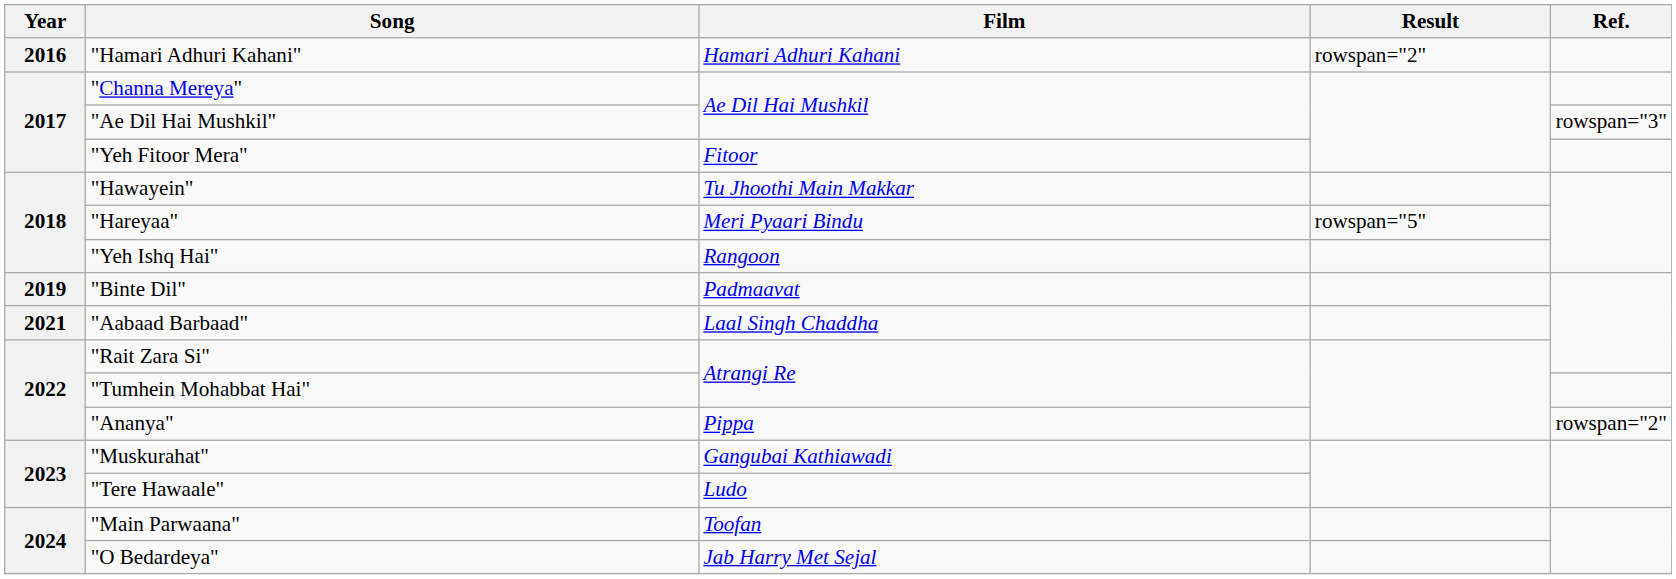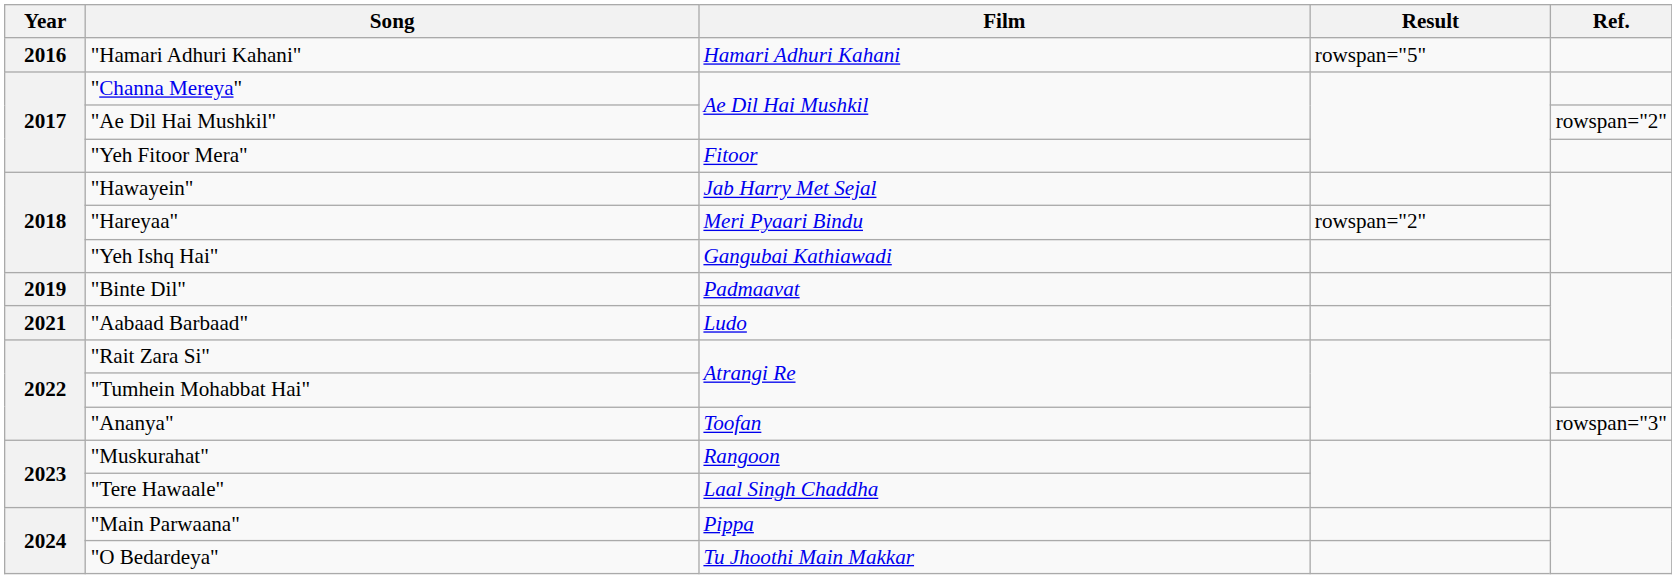 <table class="wikitable plainrowheaders" width="100%" textcolor:#000;">
 <tr>
 <th scope="col" width=5%><strong>Year</strong></th>
 <th scope="col" width=39%><strong>Song</strong></th>
 <th scope="col" width=39%><strong>Film</strong></th>
 <th scope="col" width=15%><strong>Result</strong></th>
 <th scope="col" width=2%><strong>Ref.</strong></th>
 </tr>
 <tr>
 <th scope="row">2016</th>
 <td>"Hamari Adhuri Kahani"</td>
 <td><em><a href='#'>Hamari Adhuri Kahani</a></em></td>
-<td>rowspan="2" </td>
+<td>rowspan="5" </td>
 <td rowspan></td>
 </tr>
 <tr>
 <th scope="row" rowspan="3">2017</th>
 <td>"<a href='#'>Channa Mereya</a>"</td>
 <td rowspan="2"><em><a href='#'>Ae Dil Hai Mushkil</a></em></td>
 <td rowspan="3"></td>
 </tr>
 <tr>
 <td>"Ae Dil Hai Mushkil"</td>
-<td>rowspan="3" </td>
+<td>rowspan="2" </td>
 </tr>
 <tr>
 <td>"Yeh Fitoor Mera"</td>
 <td><em><a href='#'>Fitoor</a></em></td>
 </tr>
 <tr>
 <th scope="row" rowspan="3">2018</th>
 <td>"Hawayein"</td>
-<td><em><a href='#'>Tu Jhoothi Main Makkar</a></em></td>
+<td><em><a href='#'>Jab Harry Met Sejal</a></em></td>
 <td></td>
 <td rowspan="3"></td>
 </tr>
 <tr>
 <td>"Hareyaa"</td>
 <td><em><a href='#'>Meri Pyaari Bindu</a></em></td>
-<td>rowspan="5" </td>
+<td>rowspan="2" </td>
 </tr>
 <tr>
 <td>"Yeh Ishq Hai"</td>
-<td><em><a href='#'>Rangoon</a></em></td>
+<td><em><a href='#'>Gangubai Kathiawadi</a></em></td>
 </tr>
 <tr>
 <th scope="row">2019</th>
 <td>"Binte Dil"</td>
 <td><em><a href='#'>Padmaavat</a></em></td>
 <td></td>
 </tr>
 <tr>
 <th scope="row">2021</th>
 <td>"Aabaad Barbaad"</td>
-<td><em><a href='#'>Laal Singh Chaddha</a></em></td>
+<td><em><a href='#'>Ludo</a></em></td>
 <td></td>
 </tr>
 <tr>
 <th scope="row" rowspan="3">2022</th>
 <td>"Rait Zara Si"</td>
 <td rowspan="2"><em><a href='#'>Atrangi Re</a></em></td>
 <td rowspan="3"></td>
 </tr>
 <tr>
 <td>"Tumhein Mohabbat Hai"</td>
 <td></td>
 </tr>
 <tr>
 <td>"Ananya"</td>
-<td><em><a href='#'>Pippa</a></em></td>
-<td>rowspan="2" </td>
+<td><em><a href='#'>Toofan</a></em></td>
+<td>rowspan="3" </td>
 </tr>
 <tr>
 <th scope="row" rowspan="2">2023</th>
 <td>"Muskurahat"</td>
-<td><em><a href='#'>Gangubai Kathiawadi</a></em></td>
+<td><em><a href='#'>Rangoon</a></em></td>
 <td rowspan="2"></td>
 </tr>
 <tr>
 <td>"Tere Hawaale"</td>
-<td><em><a href='#'>Ludo</a></em></td>
+<td><em><a href='#'>Laal Singh Chaddha</a></em></td>
 </tr>
 <tr>
 <th scope="row" rowspan="2">2024</th>
 <td>"Main Parwaana"</td>
-<td><em><a href='#'>Toofan</a></em></td>
+<td><em><a href='#'>Pippa</a></em></td>
 <td></td>
 <td rowspan="2"></td>
 </tr>
 <tr>
 <td>"O Bedardeya"</td>
-<td><em><a href='#'>Jab Harry Met Sejal</a></em></td>
+<td><em><a href='#'>Tu Jhoothi Main Makkar</a></em></td>
 <td></td>
 </tr>
 </table>
